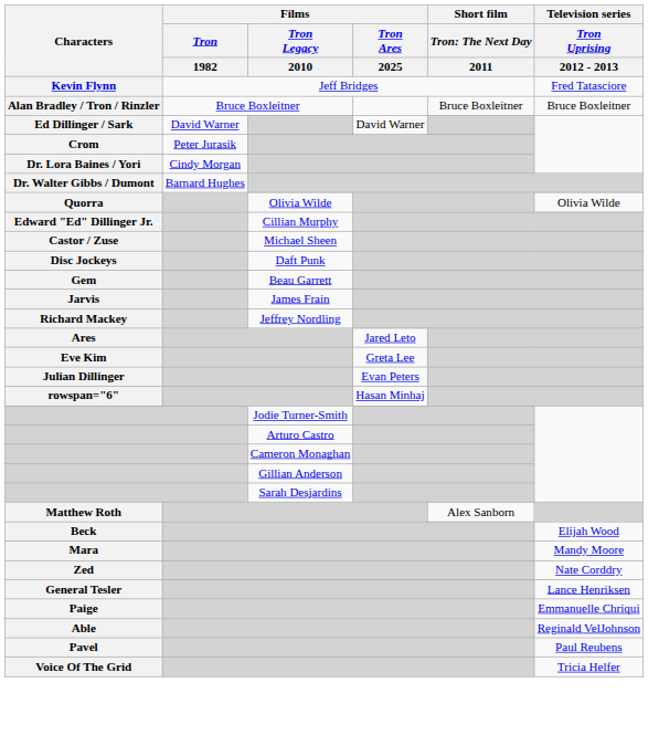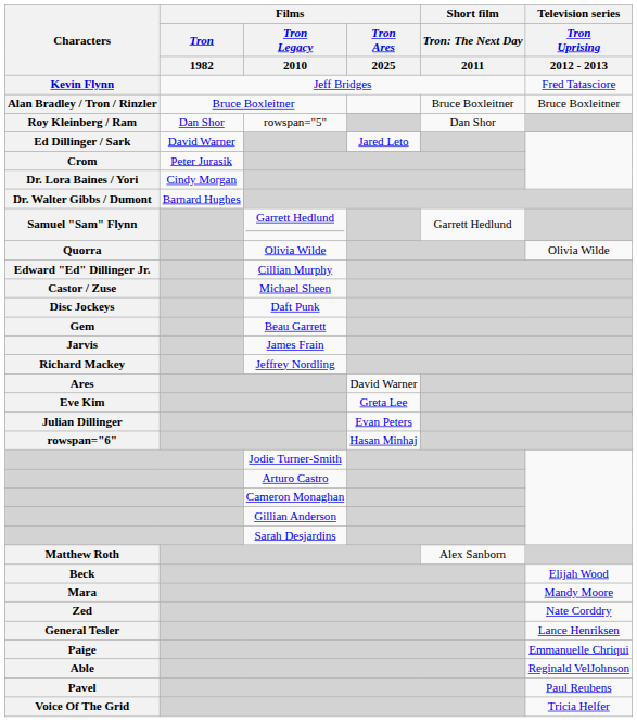 <table class="wikitable plainrowheaders" style="text-align:center">
 <tr>
 <th rowspan="3">Characters</th>
 <th colspan="3">Films</th>
 <th>Short film</th>
 <th>Television series</th>
 </tr>
 <tr>
 <th><em><a href='#'>Tron</a></em></th>
 <th><em><a href='#'>Tron<br>Legacy</a></em></th>
 <th><em><a href='#'>Tron<br>Ares</a></em></th>
 <th><em>Tron: The Next Day</em></th>
 <th><em><a href='#'>Tron<br>Uprising</a></em></th>
 </tr>
 <tr>
 <th>1982</th>
 <th>2010</th>
 <th>2025</th>
 <th>2011</th>
 <th>2012 - 2013</th>
 </tr>
 <tr>
 <th><a href='#'>Kevin Flynn<br></a></th>
 <td colspan="4"><a href='#'>Jeff Bridges</a></td>
 <td><a href='#'>Fred Tatasciore</a></td>
 </tr>
 <tr>
 <th>Alan Bradley / Tron / Rinzler</th>
 <td colspan="2"><a href='#'>Bruce Boxleitner</a></td>
 <td></td>
 <td>Bruce Boxleitner</td>
 <td>Bruce Boxleitner</td>
 </tr>
 <tr>
+<th>Roy Kleinberg / Ram</th>
+<td><a href='#'>Dan Shor</a></td>
+<td>rowspan="5" </td>
+<td style="background-color:lightgrey;"> </td>
+<td>Dan Shor</td>
+<td style="background-color:lightgrey;"> </td>
+</tr>
+<tr>
 <th>Ed Dillinger / Sark</th>
 <td><a href='#'>David Warner</a></td>
 <td style="background-color:lightgrey;"> </td>
-<td>David Warner</td>
+<td><a href='#'>Jared Leto</a></td>
 <td style="background-color:lightgrey;"> </td>
 </tr>
 <tr>
 <th>Crom</th>
 <td><a href='#'>Peter Jurasik</a></td>
 <td colspan="3" style="background-color:lightgrey;"> </td>
 </tr>
 <tr>
 <th>Dr. Lora Baines / Yori</th>
 <td><a href='#'>Cindy Morgan</a></td>
 <td colspan="3" style="background-color:lightgrey;"> </td>
 </tr>
 <tr>
 <th>Dr. Walter Gibbs / Dumont</th>
 <td><a href='#'>Barnard Hughes</a></td>
 <td colspan="4" style="background-color:lightgrey;"> </td>
+</tr>
+<tr>
+<th>Samuel "Sam" Flynn</th>
+<td style="background-color:lightgrey;"> </td>
+<td><a href='#'>Garrett Hedlund</a><hr></td>
+<td style="background-color:lightgrey;"> </td>
+<td>Garrett Hedlund</td>
+<td style="background-color:lightgrey;"> </td>
 </tr>
 <tr>
 <th>Quorra</th>
 <td style="background-color:lightgrey;"> </td>
 <td><a href='#'>Olivia Wilde</a></td>
 <td colspan="2" style="background-color:lightgrey;"> </td>
 <td>Olivia Wilde</td>
 </tr>
 <tr>
 <th>Edward "Ed" Dillinger Jr.</th>
 <td style="background-color:lightgrey;"> </td>
 <td><a href='#'>Cillian Murphy</a></td>
 <td colspan="3" style="background-color:lightgrey;"> </td>
 </tr>
 <tr>
 <th>Castor / Zuse</th>
 <td style="background-color:lightgrey;"> </td>
 <td><a href='#'>Michael Sheen</a></td>
 <td colspan="3" style="background-color:lightgrey;"> </td>
 </tr>
 <tr>
 <th>Disc Jockeys</th>
 <td style="background-color:lightgrey;"> </td>
 <td><a href='#'>Daft Punk</a></td>
 <td colspan="3" style="background-color:lightgrey;"> </td>
 </tr>
 <tr>
 <th>Gem</th>
 <td style="background-color:lightgrey;"> </td>
 <td><a href='#'>Beau Garrett</a></td>
 <td colspan="3" style="background-color:lightgrey;"> </td>
 </tr>
 <tr>
 <th>Jarvis</th>
 <td style="background-color:lightgrey;"> </td>
 <td><a href='#'>James Frain</a></td>
 <td colspan="3" style="background-color:lightgrey;"> </td>
 </tr>
 <tr>
 <th>Richard Mackey</th>
 <td style="background-color:lightgrey;"> </td>
 <td><a href='#'>Jeffrey Nordling</a></td>
 <td colspan="3" style="background-color:lightgrey;"> </td>
 </tr>
 <tr>
 <th>Ares</th>
 <td colspan="2" style="background-color:lightgrey;"> </td>
-<td><a href='#'>Jared Leto</a></td>
+<td>David Warner</td>
 <td colspan="2" style="background-color:lightgrey;"> </td>
 </tr>
 <tr>
 <th>Eve Kim</th>
 <td colspan="2" style="background-color:lightgrey;"> </td>
 <td><a href='#'>Greta Lee</a></td>
 <td colspan="2" style="background-color:lightgrey;"> </td>
 </tr>
 <tr>
 <th>Julian Dillinger</th>
 <td colspan="2" style="background-color:lightgrey;"> </td>
 <td><a href='#'>Evan Peters</a></td>
 <td colspan="2" style="background-color:lightgrey;"> </td>
 </tr>
 <tr>
 <th>rowspan="6" </th>
 <td colspan="2" style="background-color:lightgrey;"> </td>
 <td><a href='#'>Hasan Minhaj</a></td>
 <td colspan="2" style="background-color:lightgrey;"> </td>
 </tr>
 <tr>
 <td colspan="2" style="background-color:lightgrey;"> </td>
 <td><a href='#'>Jodie Turner-Smith</a></td>
 <td colspan="2" style="background-color:lightgrey;"> </td>
 </tr>
 <tr>
 <td colspan="2" style="background-color:lightgrey;"> </td>
 <td><a href='#'>Arturo Castro</a></td>
 <td colspan="2" style="background-color:lightgrey;"> </td>
 </tr>
 <tr>
 <td colspan="2" style="background-color:lightgrey;"> </td>
 <td><a href='#'>Cameron Monaghan</a></td>
 <td colspan="2" style="background-color:lightgrey;"> </td>
 </tr>
 <tr>
 <td colspan="2" style="background-color:lightgrey;"> </td>
 <td><a href='#'>Gillian Anderson</a></td>
 <td colspan="2" style="background-color:lightgrey;"> </td>
 </tr>
 <tr>
 <td colspan="2" style="background-color:lightgrey;"> </td>
 <td><a href='#'>Sarah Desjardins</a></td>
 <td colspan="2" style="background-color:lightgrey;"> </td>
 </tr>
 <tr>
 <th>Matthew Roth</th>
 <td colspan="3" style="background-color:lightgrey;"> </td>
 <td>Alex Sanborn</td>
 <td style="background-color:lightgrey;"> </td>
 </tr>
 <tr>
 <th>Beck</th>
 <td colspan="4" style="background-color:lightgrey;"> </td>
 <td><a href='#'>Elijah Wood</a></td>
 </tr>
 <tr>
 <th>Mara</th>
 <td colspan="4" style="background-color:lightgrey;"> </td>
 <td><a href='#'>Mandy Moore</a></td>
 </tr>
 <tr>
 <th>Zed</th>
 <td colspan="4" style="background-color:lightgrey;"> </td>
 <td><a href='#'>Nate Corddry</a></td>
 </tr>
 <tr>
 <th>General Tesler</th>
 <td colspan="4" style="background-color:lightgrey;"> </td>
 <td><a href='#'>Lance Henriksen</a></td>
 </tr>
 <tr>
 <th>Paige</th>
 <td colspan="4" style="background-color:lightgrey;"> </td>
 <td><a href='#'>Emmanuelle Chriqui</a></td>
 </tr>
 <tr>
 <th>Able</th>
 <td colspan="4" style="background-color:lightgrey;"> </td>
 <td><a href='#'>Reginald VelJohnson</a></td>
 </tr>
 <tr>
 <th>Pavel</th>
 <td colspan="4" style="background-color:lightgrey;"> </td>
 <td><a href='#'>Paul Reubens</a></td>
 </tr>
 <tr>
 <th>Voice Of The Grid</th>
 <td colspan="4" style="background-color:lightgrey;"> </td>
 <td><a href='#'>Tricia Helfer</a></td>
 </tr>
 </table>
